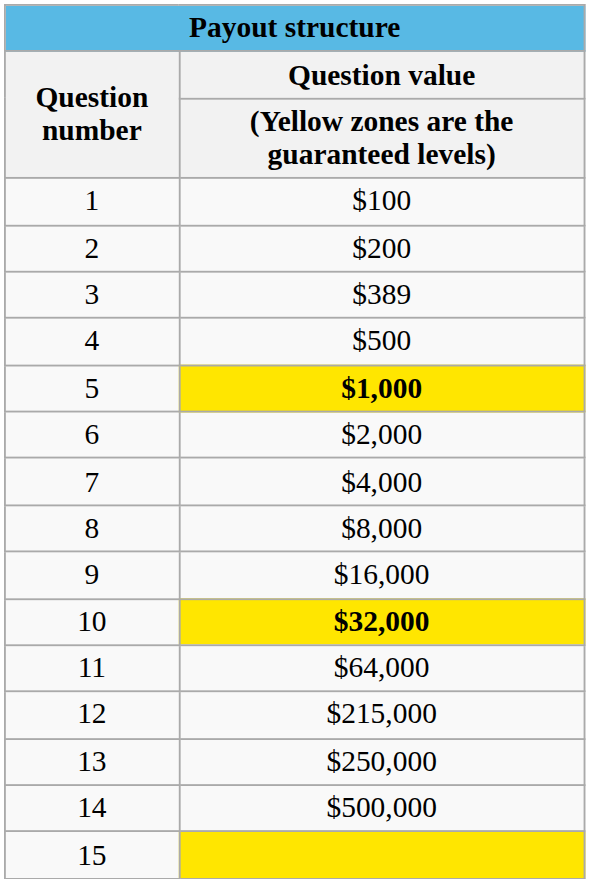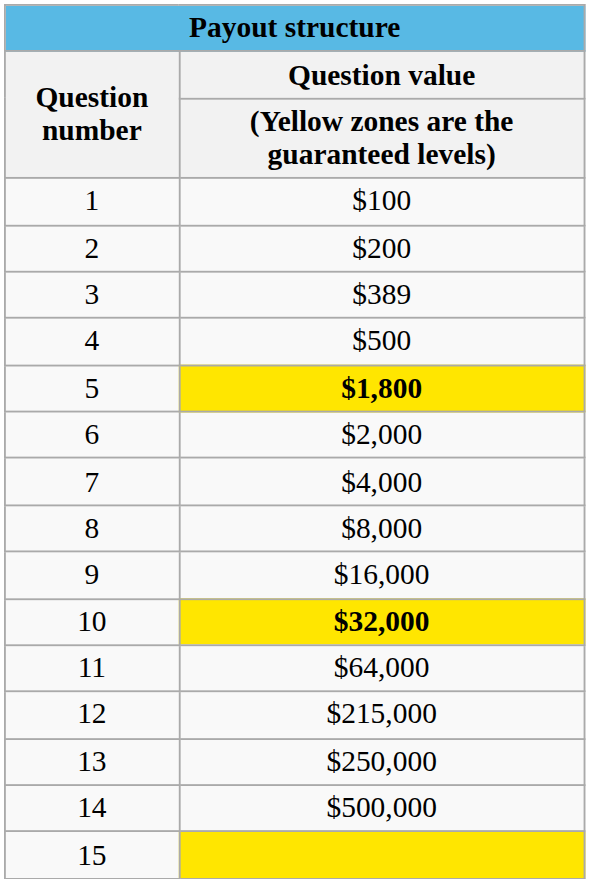 <table class="wikitable" style="text-align:center; border:1px;; cellpadding:2; cellspacing:0; width:25%;">
 <tr>
 <th colspan="2" style="background: #58B9E4">Payout structure</th>
 </tr>
 <tr>
 <th rowspan="2" style="width: 30%">Question number</th>
 <th>Question value</th>
 </tr>
 <tr>
 <th style="width: 70%">(Yellow zones are the guaranteed levels)</th>
 </tr>
 <tr>
 <td>1</td>
 <td>$100</td>
 </tr>
 <tr>
 <td>2</td>
 <td>$200</td>
 </tr>
 <tr>
 <td>3</td>
 <td>$389</td>
 </tr>
 <tr>
 <td>4</td>
 <td>$500</td>
 </tr>
 <tr>
 <td>5</td>
-<td style="background: #FFE600"><strong>$1,000</strong></td>
+<td style="background: #FFE600"><strong>$1,800</strong></td>
 </tr>
 <tr>
 <td>6</td>
 <td>$2,000</td>
 </tr>
 <tr>
 <td>7</td>
 <td>$4,000</td>
 </tr>
 <tr>
 <td>8</td>
 <td>$8,000</td>
 </tr>
 <tr>
 <td>9</td>
 <td>$16,000</td>
 </tr>
 <tr>
 <td>10</td>
 <td style="background: #FFE600"><strong>$32,000</strong></td>
 </tr>
 <tr>
 <td>11</td>
 <td>$64,000</td>
 </tr>
 <tr>
 <td>12</td>
 <td>$215,000</td>
 </tr>
 <tr>
 <td>13</td>
 <td>$250,000</td>
 </tr>
 <tr>
 <td>14</td>
 <td>$500,000</td>
 </tr>
 <tr>
 <td>15</td>
 <td style="background: #FFE600"><strong></strong></td>
 </tr>
 </table>
